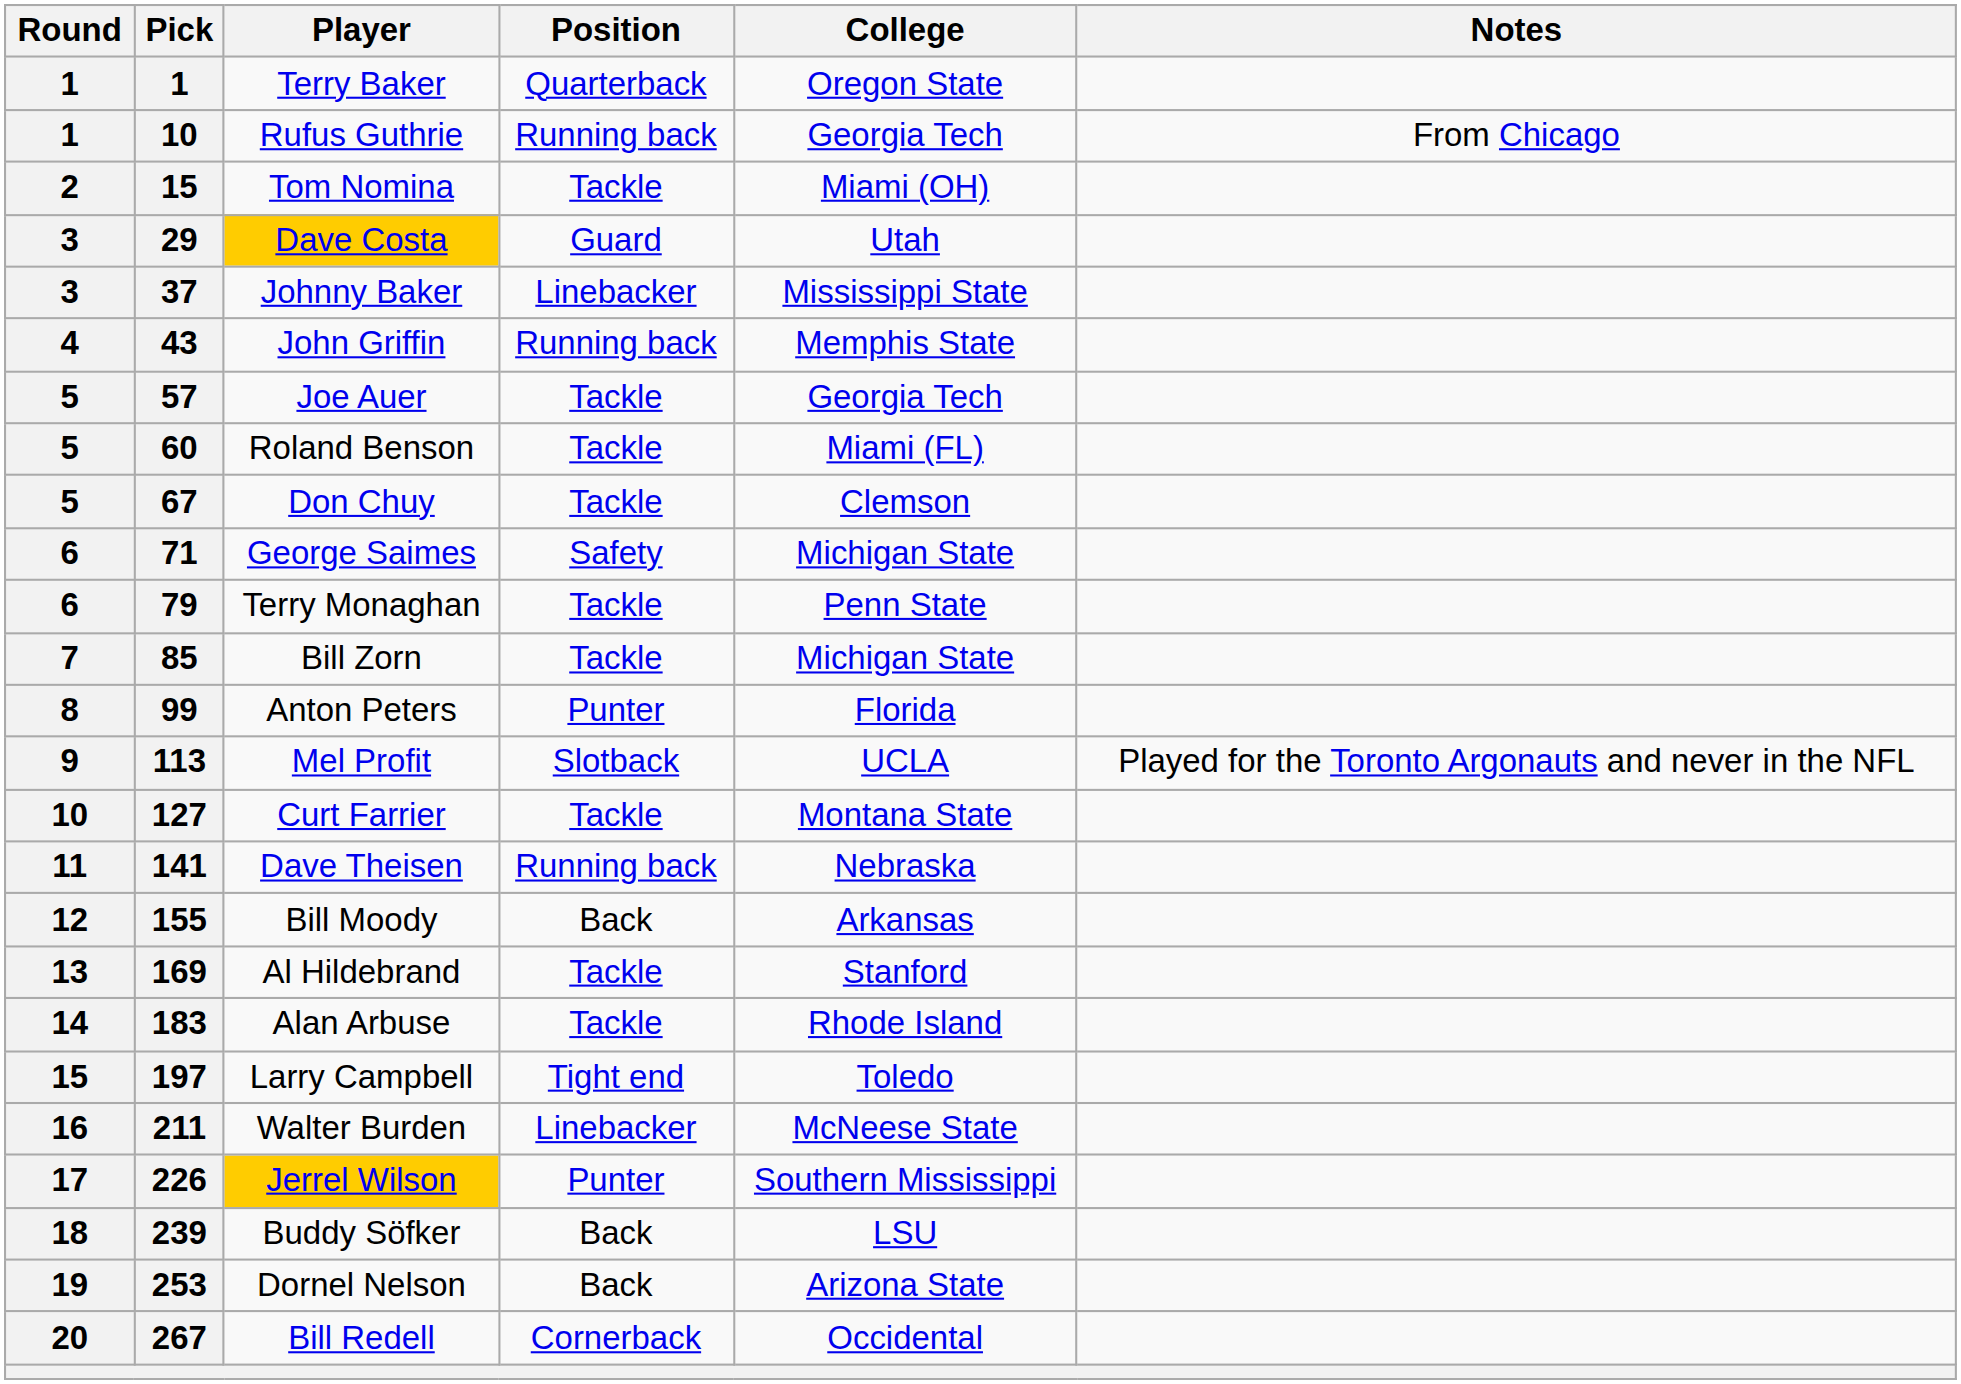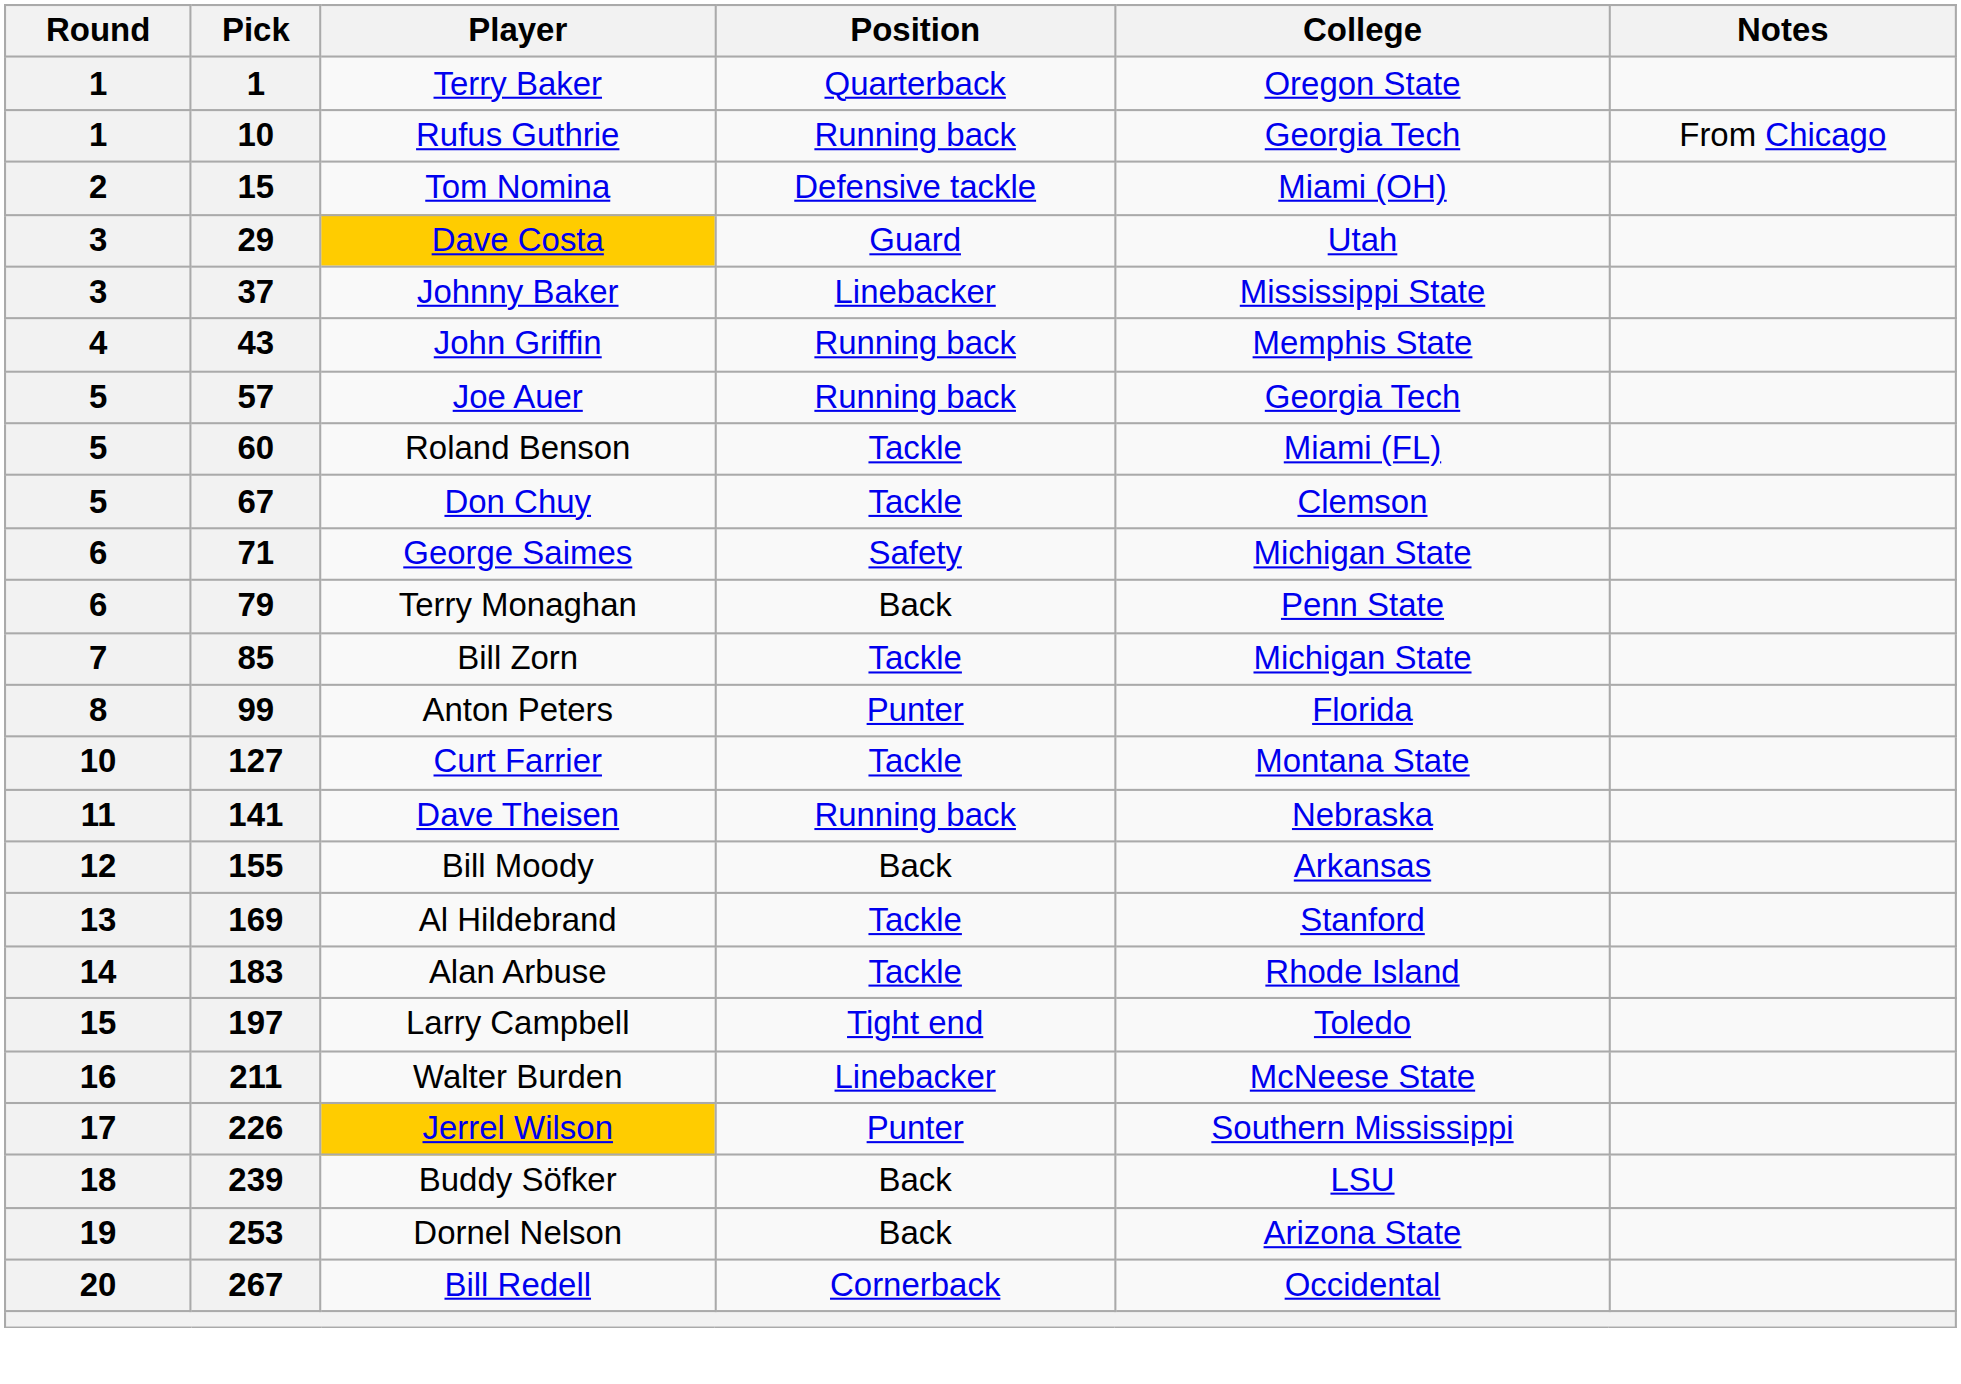 <table class="wikitable sortable" style="width: 75%; text-align:center;">
 <tr>
 <th>Round</th>
 <th>Pick</th>
 <th>Player</th>
 <th>Position</th>
 <th>College</th>
 <th>Notes</th>
 </tr>
 <tr>
 <th>1</th>
 <th>1</th>
 <td><a href='#'>Terry Baker</a></td>
 <td><a href='#'>Quarterback</a></td>
 <td><a href='#'>Oregon State</a></td>
 <td></td>
 </tr>
 <tr>
 <th>1</th>
 <th>10</th>
 <td><a href='#'>Rufus Guthrie</a></td>
 <td><a href='#'>Running back</a></td>
 <td><a href='#'>Georgia Tech</a></td>
 <td>From <a href='#'>Chicago</a></td>
 </tr>
 <tr>
 <th>2</th>
 <th>15</th>
 <td><a href='#'>Tom Nomina</a></td>
-<td><a href='#'>Tackle</a></td>
+<td><a href='#'>Defensive tackle</a></td>
 <td><a href='#'>Miami (OH)</a></td>
 <td></td>
 </tr>
 <tr>
 <th>3</th>
 <th>29</th>
 <td style="background-color:#FFCC00;"><a href='#'>Dave Costa</a></td>
 <td><a href='#'>Guard</a></td>
 <td><a href='#'>Utah</a></td>
 <td></td>
 </tr>
 <tr>
 <th>3</th>
 <th>37</th>
 <td><a href='#'>Johnny Baker</a></td>
 <td><a href='#'>Linebacker</a></td>
 <td><a href='#'>Mississippi State</a></td>
 <td></td>
 </tr>
 <tr>
 <th>4</th>
 <th>43</th>
 <td><a href='#'>John Griffin</a></td>
 <td><a href='#'>Running back</a></td>
 <td><a href='#'>Memphis State</a></td>
 <td></td>
 </tr>
 <tr>
 <th>5</th>
 <th>57</th>
 <td><a href='#'>Joe Auer</a></td>
-<td><a href='#'>Tackle</a></td>
+<td><a href='#'>Running back</a></td>
 <td><a href='#'>Georgia Tech</a></td>
 <td></td>
 </tr>
 <tr>
 <th>5</th>
 <th>60</th>
 <td>Roland Benson</td>
 <td><a href='#'>Tackle</a></td>
 <td><a href='#'>Miami (FL)</a></td>
 <td></td>
 </tr>
 <tr>
 <th>5</th>
 <th>67</th>
 <td><a href='#'>Don Chuy</a></td>
 <td><a href='#'>Tackle</a></td>
 <td><a href='#'>Clemson</a></td>
 <td></td>
 </tr>
 <tr>
 <th>6</th>
 <th>71</th>
 <td><a href='#'>George Saimes</a></td>
 <td><a href='#'>Safety</a></td>
 <td><a href='#'>Michigan State</a></td>
 <td></td>
 </tr>
 <tr>
 <th>6</th>
 <th>79</th>
 <td>Terry Monaghan</td>
-<td><a href='#'>Tackle</a></td>
+<td>Back</td>
 <td><a href='#'>Penn State</a></td>
 <td></td>
 </tr>
 <tr>
 <th>7</th>
 <th>85</th>
 <td>Bill Zorn</td>
 <td><a href='#'>Tackle</a></td>
 <td><a href='#'>Michigan State</a></td>
 <td></td>
 </tr>
 <tr>
 <th>8</th>
 <th>99</th>
 <td>Anton Peters</td>
 <td><a href='#'>Punter</a></td>
 <td><a href='#'>Florida</a></td>
 <td></td>
-</tr>
-<tr>
-<th>9</th>
-<th>113</th>
-<td><a href='#'>Mel Profit</a></td>
-<td><a href='#'>Slotback</a></td>
-<td><a href='#'>UCLA</a></td>
-<td>Played for the <a href='#'>Toronto Argonauts</a> and never in the NFL</td>
 </tr>
 <tr>
 <th>10</th>
 <th>127</th>
 <td><a href='#'>Curt Farrier</a></td>
 <td><a href='#'>Tackle</a></td>
 <td><a href='#'>Montana State</a></td>
 <td></td>
 </tr>
 <tr>
 <th>11</th>
 <th>141</th>
 <td><a href='#'>Dave Theisen</a></td>
 <td><a href='#'>Running back</a></td>
 <td><a href='#'>Nebraska</a></td>
 <td></td>
 </tr>
 <tr>
 <th>12</th>
 <th>155</th>
 <td>Bill Moody</td>
 <td>Back</td>
 <td><a href='#'>Arkansas</a></td>
 <td></td>
 </tr>
 <tr>
 <th>13</th>
 <th>169</th>
 <td>Al Hildebrand</td>
 <td><a href='#'>Tackle</a></td>
 <td><a href='#'>Stanford</a></td>
 <td></td>
 </tr>
 <tr>
 <th>14</th>
 <th>183</th>
 <td>Alan Arbuse</td>
 <td><a href='#'>Tackle</a></td>
 <td><a href='#'>Rhode Island</a></td>
 <td></td>
 </tr>
 <tr>
 <th>15</th>
 <th>197</th>
 <td>Larry Campbell</td>
 <td><a href='#'>Tight end</a></td>
 <td><a href='#'>Toledo</a></td>
 <td></td>
 </tr>
 <tr>
 <th>16</th>
 <th>211</th>
 <td>Walter Burden</td>
 <td><a href='#'>Linebacker</a></td>
 <td><a href='#'>McNeese State</a></td>
 <td></td>
 </tr>
 <tr>
 <th>17</th>
 <th>226</th>
 <td style="background-color:#FFCC00;"><a href='#'>Jerrel Wilson</a></td>
 <td><a href='#'>Punter</a></td>
 <td><a href='#'>Southern Mississippi</a></td>
 <td></td>
 </tr>
 <tr>
 <th>18</th>
 <th>239</th>
 <td>Buddy Söfker</td>
 <td>Back</td>
 <td><a href='#'>LSU</a></td>
 <td></td>
 </tr>
 <tr>
 <th>19</th>
 <th>253</th>
 <td>Dornel Nelson</td>
 <td>Back</td>
 <td><a href='#'>Arizona State</a></td>
 <td></td>
 </tr>
 <tr>
 <th>20</th>
 <th>267</th>
 <td><a href='#'>Bill Redell</a></td>
 <td><a href='#'>Cornerback</a></td>
 <td><a href='#'>Occidental</a></td>
 <td></td>
 </tr>
 <tr>
 <th colspan="6"></th>
 </tr>
 </table>
